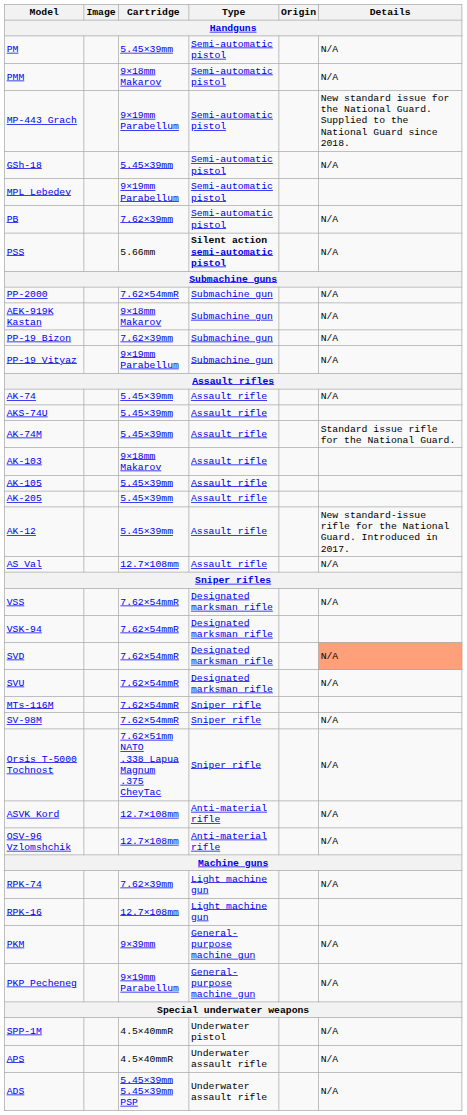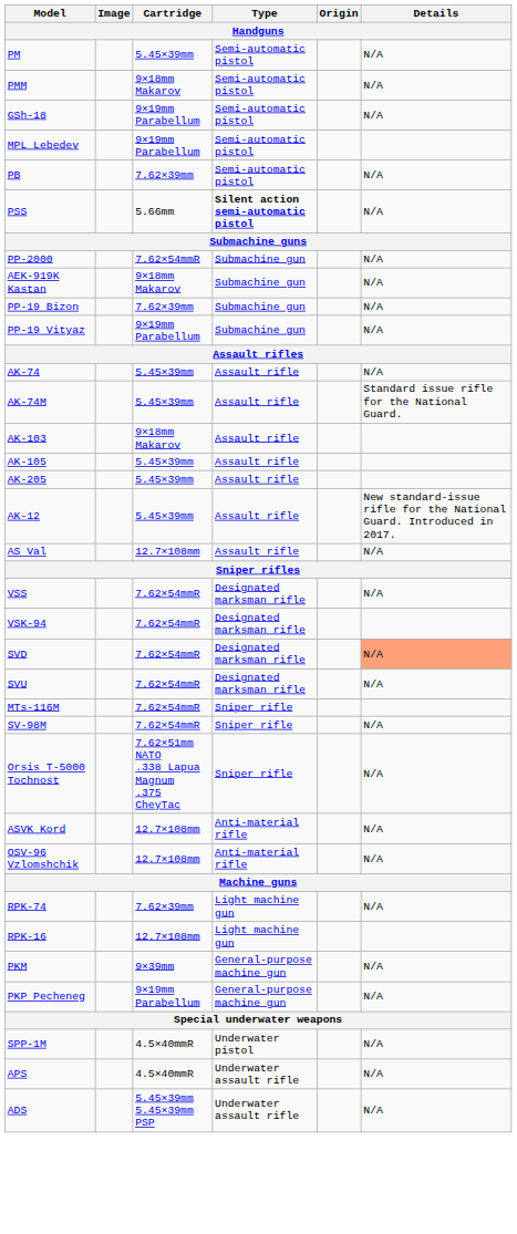 <table class="wikitable">
 <tr>
 <th>Model</th>
 <th>Image</th>
 <th>Cartridge</th>
 <th>Type</th>
 <th>Origin</th>
 <th>Details</th>
 </tr>
 <tr>
 <th colspan="6" style="align: center;"><a href='#'>Handguns</a></th>
 </tr>
 <tr>
 <td><a href='#'>PM</a></td>
 <td></td>
 <td><a href='#'>5.45×39mm</a></td>
 <td><a href='#'>Semi-automatic pistol</a></td>
 <td></td>
 <td>N/A</td>
 </tr>
 <tr>
 <td><a href='#'>PMM</a></td>
 <td></td>
 <td><a href='#'>9×18mm Makarov</a></td>
 <td><a href='#'>Semi-automatic pistol</a></td>
 <td></td>
 <td>N/A</td>
 </tr>
 <tr>
-<td><a href='#'>MP-443 Grach</a></td>
+<td><a href='#'>GSh-18</a></td>
 <td></td>
 <td><a href='#'>9×19mm Parabellum</a></td>
-<td><a href='#'>Semi-automatic pistol</a></td>
-<td></td>
-<td>New standard issue for the National Guard. Supplied to the National Guard since 2018.</td>
-</tr>
-<tr>
-<td><a href='#'>GSh-18</a></td>
-<td></td>
-<td><a href='#'>5.45×39mm</a></td>
 <td><a href='#'>Semi-automatic pistol</a></td>
 <td></td>
 <td>N/A</td>
 </tr>
 <tr>
 <td><a href='#'>MPL Lebedev</a></td>
 <td></td>
 <td><a href='#'>9×19mm Parabellum</a></td>
 <td><a href='#'>Semi-automatic pistol</a></td>
 <td></td>
 <td></td>
 </tr>
 <tr>
 <td><a href='#'>PB</a></td>
 <td></td>
 <td><a href='#'>7.62×39mm</a></td>
 <td><a href='#'>Semi-automatic pistol</a></td>
 <td></td>
 <td>N/A</td>
 </tr>
 <tr>
 <td><a href='#'>PSS</a></td>
 <td></td>
 <td>5.66mm</td>
 <td><strong>Silent action <a href='#'>semi-automatic pistol</a></strong></td>
 <td></td>
 <td>N/A</td>
 </tr>
 <tr>
 <th colspan="6" style="align: center;"><a href='#'>Submachine guns</a></th>
 </tr>
 <tr>
 <td><a href='#'>PP-2000</a></td>
 <td></td>
 <td><a href='#'>7.62×54mmR</a></td>
 <td><a href='#'>Submachine gun</a></td>
 <td></td>
 <td>N/A</td>
 </tr>
 <tr>
 <td><a href='#'>AEK-919K Kastan</a></td>
 <td></td>
 <td><a href='#'>9×18mm Makarov</a></td>
 <td><a href='#'>Submachine gun</a></td>
 <td></td>
 <td>N/A</td>
 </tr>
 <tr>
 <td><a href='#'>PP-19 Bizon</a></td>
 <td></td>
 <td><a href='#'>7.62×39mm</a></td>
 <td><a href='#'>Submachine gun</a></td>
 <td></td>
 <td>N/A</td>
 </tr>
 <tr>
 <td><a href='#'>PP-19 Vityaz</a></td>
 <td></td>
 <td><a href='#'>9×19mm Parabellum</a></td>
 <td><a href='#'>Submachine gun</a></td>
 <td></td>
 <td>N/A</td>
 </tr>
 <tr>
 <th colspan="6" style="align: center;"><a href='#'>Assault rifles</a></th>
 </tr>
 <tr>
 <td><a href='#'>AK-74</a></td>
 <td></td>
 <td><a href='#'>5.45×39mm</a></td>
 <td><a href='#'>Assault rifle</a></td>
 <td></td>
 <td>N/A</td>
-</tr>
-<tr>
-<td><a href='#'>AKS-74U</a></td>
-<td></td>
-<td><a href='#'>5.45×39mm</a></td>
-<td><a href='#'>Assault rifle</a></td>
-<td></td>
-<td></td>
 </tr>
 <tr>
 <td><a href='#'>AK-74M</a></td>
 <td></td>
 <td><a href='#'>5.45×39mm</a></td>
 <td><a href='#'>Assault rifle</a></td>
 <td></td>
 <td>Standard issue rifle for the National Guard.</td>
 </tr>
 <tr>
 <td><a href='#'>AK-103</a></td>
 <td></td>
 <td><a href='#'>9×18mm Makarov</a></td>
 <td><a href='#'>Assault rifle</a></td>
 <td></td>
 <td></td>
 </tr>
 <tr>
 <td><a href='#'>AK-105</a></td>
 <td></td>
 <td><a href='#'>5.45×39mm</a></td>
 <td><a href='#'>Assault rifle</a></td>
 <td></td>
 <td></td>
 </tr>
 <tr>
 <td><a href='#'>AK-205</a></td>
 <td></td>
 <td><a href='#'>5.45×39mm</a></td>
 <td><a href='#'>Assault rifle</a></td>
 <td></td>
 <td></td>
 </tr>
 <tr>
 <td><a href='#'>AK-12</a></td>
 <td></td>
 <td><a href='#'>5.45×39mm</a></td>
 <td><a href='#'>Assault rifle</a></td>
 <td></td>
 <td>New standard-issue rifle for the National Guard. Introduced in 2017.</td>
 </tr>
 <tr>
 <td><a href='#'>AS Val</a></td>
 <td></td>
 <td><a href='#'>12.7×108mm</a></td>
 <td><a href='#'>Assault rifle</a></td>
 <td></td>
 <td>N/A</td>
 </tr>
 <tr>
 <th colspan="6" style="align: center;"><a href='#'>Sniper rifles</a></th>
 </tr>
 <tr>
 <td><a href='#'>VSS</a></td>
 <td></td>
 <td><a href='#'>7.62×54mmR</a></td>
 <td><a href='#'>Designated marksman rifle</a></td>
 <td></td>
 <td>N/A</td>
 </tr>
 <tr>
 <td><a href='#'>VSK-94</a></td>
 <td></td>
 <td><a href='#'>7.62×54mmR</a></td>
 <td><a href='#'>Designated marksman rifle</a></td>
 <td></td>
 <td></td>
 </tr>
 <tr>
 <td><a href='#'>SVD</a></td>
 <td></td>
 <td><a href='#'>7.62×54mmR</a></td>
 <td><a href='#'>Designated marksman rifle</a></td>
 <td></td>
 <td style="background: lightsalmon;">N/A</td>
 </tr>
 <tr>
 <td><a href='#'>SVU</a></td>
 <td></td>
 <td><a href='#'>7.62×54mmR</a></td>
 <td><a href='#'>Designated marksman rifle</a></td>
 <td></td>
 <td>N/A</td>
 </tr>
 <tr>
 <td><a href='#'>MTs-116M</a></td>
 <td></td>
 <td><a href='#'>7.62×54mmR</a></td>
 <td><a href='#'>Sniper rifle</a></td>
 <td></td>
 <td></td>
 </tr>
 <tr>
 <td><a href='#'>SV-98M</a></td>
 <td></td>
 <td><a href='#'>7.62×54mmR</a></td>
 <td><a href='#'>Sniper rifle</a></td>
 <td></td>
 <td>N/A</td>
 </tr>
 <tr>
 <td><a href='#'>Orsis T-5000 Tochnost</a></td>
 <td></td>
 <td><a href='#'>7.62×51mm NATO</a><br><a href='#'>.338 Lapua Magnum</a><br><a href='#'>.375 CheyTac</a></td>
 <td><a href='#'>Sniper rifle</a></td>
 <td></td>
 <td>N/A</td>
 </tr>
 <tr>
 <td><a href='#'>ASVK Kord</a></td>
 <td></td>
 <td><a href='#'>12.7×108mm</a></td>
 <td><a href='#'>Anti-material rifle</a></td>
 <td></td>
 <td>N/A</td>
 </tr>
 <tr>
 <td><a href='#'>OSV-96 Vzlomshchik</a></td>
 <td></td>
 <td><a href='#'>12.7×108mm</a></td>
 <td><a href='#'>Anti-material rifle</a></td>
 <td></td>
 <td>N/A</td>
 </tr>
 <tr>
 <th colspan="6" style="align: center;"><a href='#'>Machine guns</a></th>
 </tr>
 <tr>
 <td><a href='#'>RPK-74</a></td>
 <td></td>
 <td><a href='#'>7.62×39mm</a></td>
 <td><a href='#'>Light machine gun</a></td>
 <td></td>
 <td>N/A</td>
 </tr>
 <tr>
 <td><a href='#'>RPK-16</a></td>
 <td></td>
 <td><a href='#'>12.7×108mm</a></td>
 <td><a href='#'>Light machine gun</a></td>
 <td></td>
 <td></td>
 </tr>
 <tr>
 <td><a href='#'>PKM</a></td>
 <td></td>
 <td><a href='#'>9×39mm</a></td>
 <td><a href='#'>General-purpose machine gun</a></td>
 <td></td>
 <td>N/A</td>
 </tr>
 <tr>
 <td><a href='#'>PKP Pecheneg</a></td>
 <td></td>
 <td><a href='#'>9×19mm Parabellum</a></td>
 <td><a href='#'>General-purpose machine gun</a></td>
 <td></td>
 <td>N/A</td>
 </tr>
 <tr>
 <th colspan="6">Special underwater weapons</th>
 </tr>
 <tr>
 <td><a href='#'>SPP-1M</a></td>
 <td></td>
 <td>4.5×40mmR</td>
 <td>Underwater pistol</td>
 <td></td>
 <td>N/A</td>
 </tr>
 <tr>
 <td><a href='#'>APS</a></td>
 <td></td>
 <td>4.5×40mmR</td>
 <td>Underwater assault rifle</td>
 <td></td>
 <td>N/A</td>
 </tr>
 <tr>
 <td><a href='#'>ADS</a></td>
 <td></td>
 <td><a href='#'>5.45×39mm</a><br><a href='#'>5.45×39mm PSP</a></td>
 <td>Underwater assault rifle</td>
 <td></td>
 <td>N/A</td>
 </tr>
 </table>
